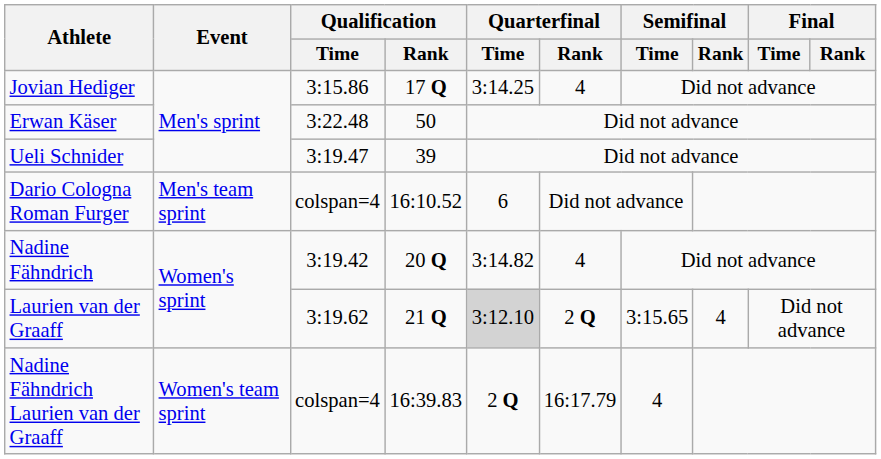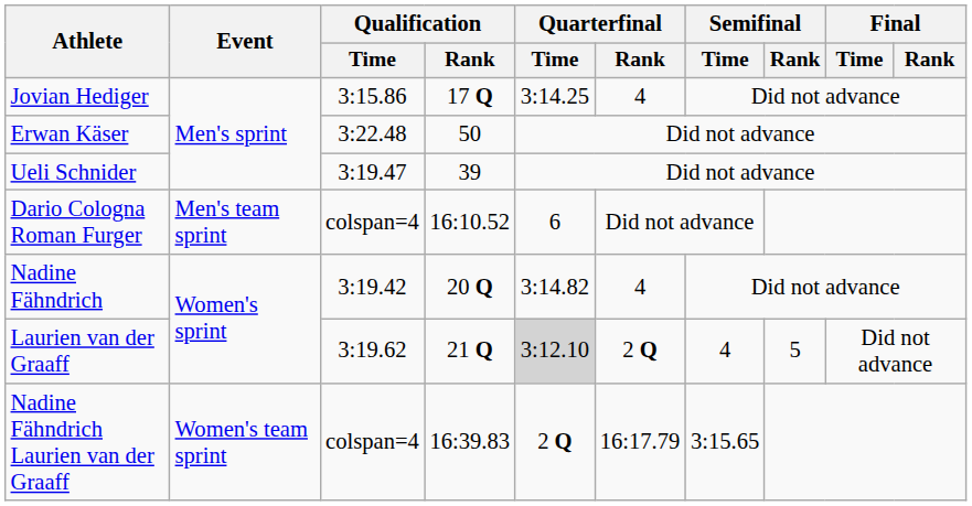 <table class="wikitable" style="font-size:90%">
 <tr>
 <th rowspan="2">Athlete</th>
 <th rowspan="2">Event</th>
 <th colspan="2">Qualification</th>
 <th colspan="2">Quarterfinal</th>
 <th colspan="2">Semifinal</th>
 <th colspan="2">Final</th>
 </tr>
 <tr style="font-size:95%">
 <th>Time</th>
 <th>Rank</th>
 <th>Time</th>
 <th>Rank</th>
 <th>Time</th>
 <th>Rank</th>
 <th>Time</th>
 <th>Rank</th>
 </tr>
 <tr align=center>
 <td align=left><a href='#'>Jovian Hediger</a></td>
 <td align=left rowspan=3><a href='#'>Men's sprint</a></td>
 <td>3:15.86</td>
 <td>17 <strong>Q</strong></td>
 <td>3:14.25</td>
 <td>4</td>
 <td colspan=4>Did not advance</td>
 </tr>
 <tr align=center>
 <td align=left><a href='#'>Erwan Käser</a></td>
 <td>3:22.48</td>
 <td>50</td>
 <td colspan=6>Did not advance</td>
 </tr>
 <tr align=center>
 <td align=left><a href='#'>Ueli Schnider</a></td>
 <td>3:19.47</td>
 <td>39</td>
 <td colspan=6>Did not advance</td>
 </tr>
 <tr align=center>
 <td align=left><a href='#'>Dario Cologna</a><br><a href='#'>Roman Furger</a></td>
 <td align=left><a href='#'>Men's team sprint</a></td>
 <td>colspan=4 </td>
 <td>16:10.52</td>
 <td>6</td>
 <td colspan=2>Did not advance</td>
 </tr>
 <tr align=center>
 <td align=left><a href='#'>Nadine Fähndrich</a></td>
 <td align=left rowspan=2><a href='#'>Women's sprint</a></td>
 <td>3:19.42</td>
 <td>20 <strong>Q</strong></td>
 <td>3:14.82</td>
 <td>4</td>
 <td colspan=4>Did not advance</td>
 </tr>
 <tr align=center>
 <td align=left><a href='#'>Laurien van der Graaff</a></td>
 <td>3:19.62</td>
 <td>21 <strong>Q</strong></td>
 <td style="background: lightgrey;">3:12.10</td>
 <td>2 <strong>Q</strong></td>
-<td>3:15.65</td>
 <td>4</td>
+<td>5</td>
 <td colspan=2>Did not advance</td>
 </tr>
 <tr align=center>
 <td align=left><a href='#'>Nadine Fähndrich</a><br><a href='#'>Laurien van der Graaff</a></td>
 <td align=left><a href='#'>Women's team sprint</a></td>
 <td>colspan=4 </td>
 <td>16:39.83</td>
 <td>2 <strong>Q</strong></td>
 <td>16:17.79</td>
-<td>4</td>
+<td>3:15.65</td>
 </tr>
 </table>
